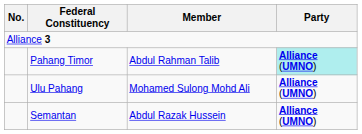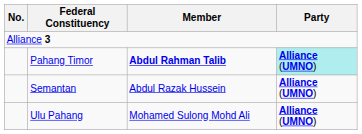 <table class="wikitable sortable">
 <tr>
 <th style="width:30px;">No.</th>
 <th style="width:150px;">Federal Constituency</th>
 <th style="width:230px;">Member</th>
 <th style="width:120px;">Party</th>
 </tr>
 <tr>
 <td colspan="4"><a href='#'>Alliance</a> <strong>3</strong></td>
 </tr>
 <tr>
 <td></td>
 <td><a href='#'>Pahang Timor</a></td>
-<td><a href='#'>Abdul Rahman Talib</a></td>
+<td><strong><a href='#'>Abdul Rahman Talib</a></strong></td>
 <td style="background: paleturquoise;"><strong><a href='#'>Alliance</a></strong> (<strong><a href='#'>UMNO</a></strong>)</td>
+</tr>
+<tr>
+<td></td>
+<td><a href='#'>Semantan</a></td>
+<td><a href='#'>Abdul Razak Hussein</a></td>
+<td><strong><a href='#'>Alliance</a></strong> (<strong><a href='#'>UMNO</a></strong>)</td>
 </tr>
 <tr>
 <td></td>
 <td><a href='#'>Ulu Pahang</a></td>
 <td><a href='#'>Mohamed Sulong Mohd Ali</a></td>
 <td><strong><a href='#'>Alliance</a></strong> (<strong><a href='#'>UMNO</a></strong>)</td>
 </tr>
-<tr>
-<td></td>
-<td><a href='#'>Semantan</a></td>
-<td><a href='#'>Abdul Razak Hussein</a></td>
-<td><strong><a href='#'>Alliance</a></strong> (<strong><a href='#'>UMNO</a></strong>)</td>
-</tr>
 </table>
